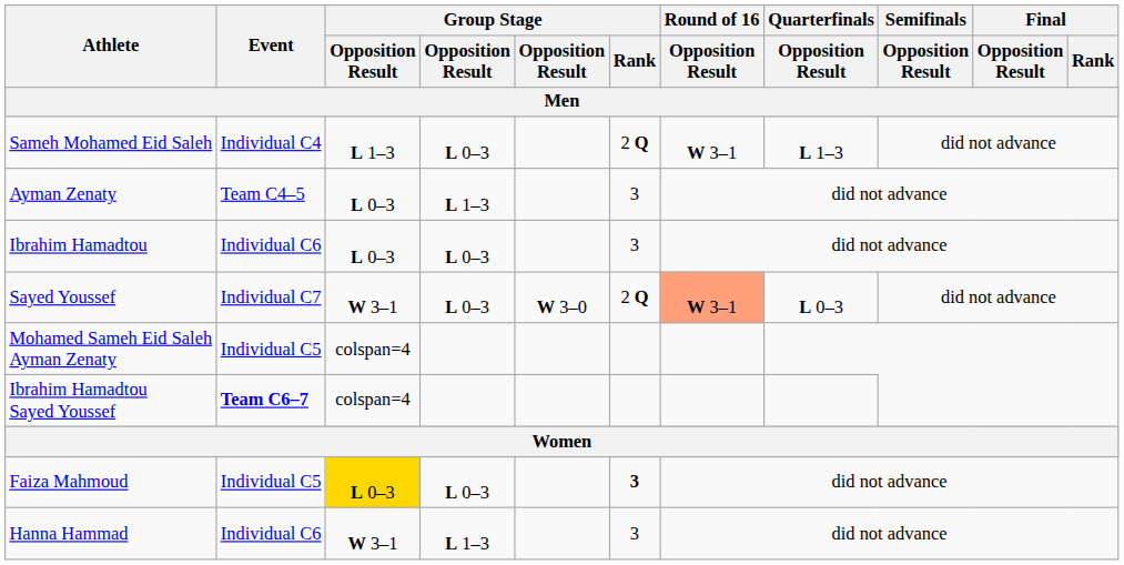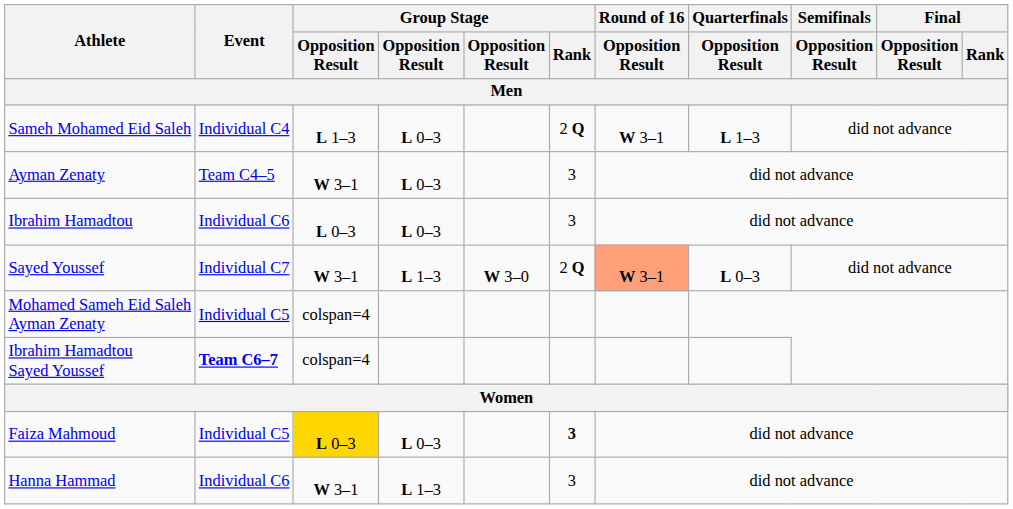 <table class=wikitable style="font-size:90%">
 <tr>
 <th rowspan="2">Athlete</th>
 <th rowspan="2">Event</th>
 <th colspan="4">Group Stage</th>
 <th>Round of 16</th>
 <th>Quarterfinals</th>
 <th>Semifinals</th>
 <th colspan="2">Final</th>
 </tr>
 <tr>
 <th>Opposition<br>Result</th>
 <th>Opposition<br>Result</th>
 <th>Opposition<br>Result</th>
 <th>Rank</th>
 <th>Opposition<br>Result</th>
 <th>Opposition<br>Result</th>
 <th>Opposition<br>Result</th>
 <th>Opposition<br>Result</th>
 <th>Rank</th>
 </tr>
 <tr style="background:#9acdff;">
 <th colspan=11>Men</th>
 </tr>
 <tr align=center>
 <td align=left><a href='#'>Sameh Mohamed Eid Saleh</a></td>
 <td align=left><a href='#'>Individual C4</a></td>
 <td><br><strong>L</strong> 1–3</td>
 <td><br><strong>L</strong> 0–3</td>
 <td></td>
 <td>2 <strong>Q</strong></td>
 <td><br><strong>W</strong> 3–1</td>
 <td><br><strong>L</strong> 1–3</td>
 <td colspan=3>did not advance</td>
 </tr>
 <tr align=center>
 <td align=left><a href='#'>Ayman Zenaty</a></td>
 <td align=left><a href='#'>Team C4–5</a></td>
+<td><br><strong>W</strong> 3–1</td>
 <td><br><strong>L</strong> 0–3</td>
-<td><br><strong>L</strong> 1–3</td>
 <td></td>
 <td>3</td>
 <td colspan=5>did not advance</td>
 </tr>
 <tr align=center>
 <td align=left><a href='#'>Ibrahim Hamadtou</a></td>
 <td align=left><a href='#'>Individual C6</a></td>
 <td><br><strong>L</strong> 0–3</td>
 <td><br><strong>L</strong> 0–3</td>
 <td></td>
 <td>3</td>
 <td colspan=5>did not advance</td>
 </tr>
 <tr align=center>
 <td align=left><a href='#'>Sayed Youssef</a></td>
 <td align=left><a href='#'>Individual C7</a></td>
 <td><br><strong>W</strong> 3–1</td>
-<td><br><strong>L</strong> 0–3</td>
+<td><br><strong>L</strong> 1–3</td>
 <td><br><strong>W</strong> 3–0</td>
 <td>2 <strong>Q</strong></td>
 <td style="background: lightsalmon;"><br><strong>W</strong> 3–1</td>
 <td><br><strong>L</strong> 0–3</td>
 <td colspan=3>did not advance</td>
 </tr>
 <tr align=center>
 <td align=left><a href='#'>Mohamed Sameh Eid Saleh</a><br><a href='#'>Ayman Zenaty</a></td>
 <td align=left><a href='#'>Individual C5</a></td>
 <td>colspan=4 </td>
 <td></td>
 <td></td>
 <td></td>
 <td></td>
 </tr>
 <tr align=center>
 <td align=left><a href='#'>Ibrahim Hamadtou</a><br><a href='#'>Sayed Youssef</a></td>
 <td align=left><strong><a href='#'>Team C6–7</a></strong></td>
 <td>colspan=4 </td>
 <td></td>
 <td></td>
 <td></td>
 <td></td>
 <td></td>
 </tr>
 <tr style="background:#9acdff;">
 <th colspan=11>Women</th>
 </tr>
 <tr align=center>
 <td align=left><a href='#'>Faiza Mahmoud</a></td>
 <td align=left><a href='#'>Individual C5</a></td>
 <td style="background: gold;"><br><strong>L</strong> 0–3</td>
 <td><br><strong>L</strong> 0–3</td>
 <td></td>
 <td><strong>3</strong></td>
 <td colspan=5>did not advance</td>
 </tr>
 <tr align=center>
 <td align=left><a href='#'>Hanna Hammad</a></td>
 <td align=left><a href='#'>Individual C6</a></td>
 <td><br><strong>W</strong> 3–1</td>
 <td><br><strong>L</strong> 1–3</td>
 <td></td>
 <td>3</td>
 <td colspan=5>did not advance</td>
 </tr>
 </table>
